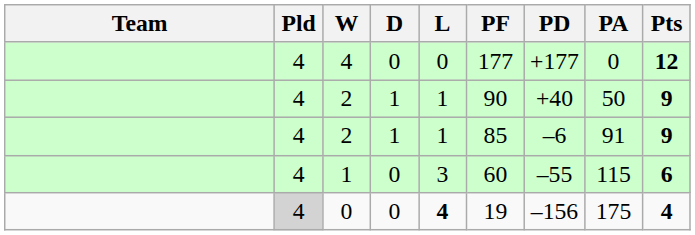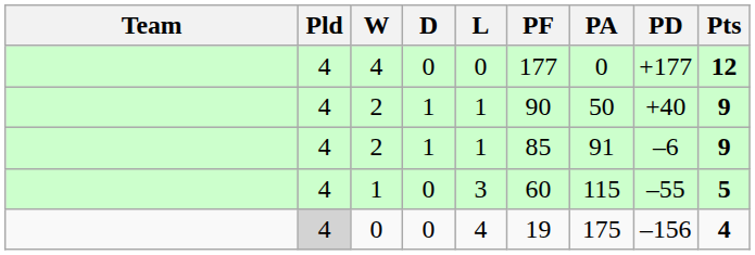 <table class="wikitable" style="text-align:center;">
 <tr>
 <th width=175>Team</th>
 <th width=25 abbr="Played">Pld</th>
 <th width=25 abbr="Won">W</th>
 <th width=25 abbr="Drawn">D</th>
 <th width=25 abbr="Lost">L</th>
 <th width=32 abbr="Points for">PF</th>
+<th width=32 abbr="Points against">PA</th>
 <th width=32 abbr="Points difference">PD</th>
-<th width=32 abbr="Points against">PA</th>
 <th width=25 abbr="Points">Pts</th>
 </tr>
 <tr bgcolor=ccffcc>
 <td align=left></td>
 <td>4</td>
 <td>4</td>
 <td>0</td>
 <td>0</td>
 <td>177</td>
+<td>0</td>
 <td>+177</td>
-<td>0</td>
 <td><strong>12</strong></td>
 </tr>
 <tr bgcolor=ccffcc>
 <td align=left></td>
 <td>4</td>
 <td>2</td>
 <td>1</td>
 <td>1</td>
 <td>90</td>
+<td>50</td>
 <td>+40</td>
-<td>50</td>
 <td><strong>9</strong></td>
 </tr>
 <tr bgcolor=ccffcc>
 <td align=left></td>
 <td>4</td>
 <td>2</td>
 <td>1</td>
 <td>1</td>
 <td>85</td>
+<td>91</td>
 <td>–6</td>
-<td>91</td>
 <td><strong>9</strong></td>
 </tr>
 <tr bgcolor=ccffcc>
 <td align=left></td>
 <td>4</td>
 <td>1</td>
 <td>0</td>
 <td>3</td>
 <td>60</td>
+<td>115</td>
 <td>–55</td>
-<td>115</td>
-<td><strong>6</strong></td>
+<td><strong>5</strong></td>
 </tr>
 <tr>
 <td align=left></td>
 <td style="background: lightgrey;">4</td>
 <td>0</td>
 <td>0</td>
-<td><strong>4</strong></td>
+<td>4</td>
 <td>19</td>
+<td>175</td>
 <td>–156</td>
-<td>175</td>
 <td><strong>4</strong></td>
 </tr>
 </table>
